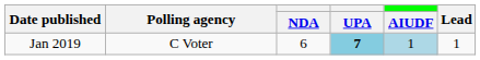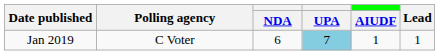 <table class="wikitable sortable" style="text-align:center;font-size:95%;line-height:16px">
 <tr>
 <th rowspan="2" width="100px">Date published</th>
 <th rowspan="2" width="175px">Polling agency</th>
 <th style="background:"></th>
 <th style="background:"></th>
 <th style="background:#00FF00"></th>
 <th rowspan="2">Lead</th>
 </tr>
 <tr>
 <th width="50px" class="unsortable"><a href='#'>NDA</a></th>
 <th width="50px" class="unsortable"><a href='#'>UPA</a></th>
 <th width="50px" class="unsortable"><a href='#'>AIUDF</a></th>
 </tr>
 <tr>
 <td>Jan 2019</td>
 <td>C Voter</td>
 <td>6</td>
-<td style="background:#84CCE0"><strong>7</strong></td>
-<td style="background: lightblue;">1</td>
+<td style="background:#84CCE0">7</td>
+<td>1</td>
 <td style="background:"><span>1</span></td>
 </tr>
 </table>
